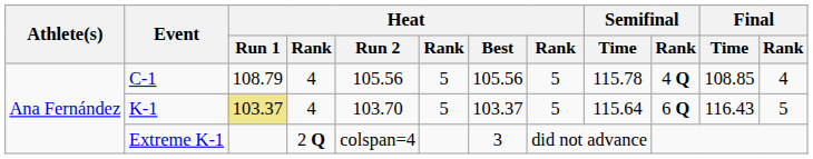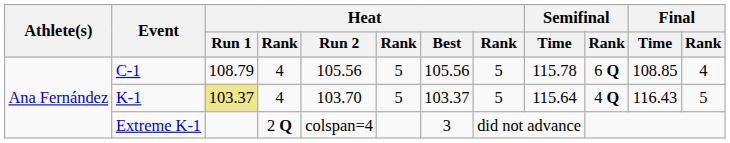 <table class="wikitable" style="font-size:90%">
 <tr>
 <th rowspan=2>Athlete(s)</th>
 <th rowspan=2>Event</th>
 <th colspan="6">Heat</th>
 <th colspan="2">Semifinal</th>
 <th colspan="2">Final</th>
 </tr>
 <tr style="font-size:95%">
 <th>Run 1</th>
 <th>Rank</th>
 <th>Run 2</th>
 <th>Rank</th>
 <th>Best</th>
 <th>Rank</th>
 <th>Time</th>
 <th>Rank</th>
 <th>Time</th>
 <th>Rank</th>
 </tr>
 <tr align=center>
 <td align=left rowspan="3"><a href='#'>Ana Fernández</a></td>
 <td align=left><a href='#'>C-1</a></td>
 <td>108.79</td>
 <td>4</td>
 <td>105.56</td>
 <td>5</td>
 <td>105.56</td>
 <td>5</td>
 <td>115.78</td>
-<td>4 <strong>Q</strong></td>
+<td>6 <strong>Q</strong></td>
 <td>108.85</td>
 <td>4</td>
 </tr>
 <tr align=center>
 <td align=left><a href='#'>K-1</a></td>
 <td style="background: khaki;">103.37</td>
 <td>4</td>
 <td>103.70</td>
 <td>5</td>
 <td>103.37</td>
 <td>5</td>
 <td>115.64</td>
-<td>6 <strong>Q</strong></td>
+<td>4 <strong>Q</strong></td>
 <td>116.43</td>
 <td>5</td>
 </tr>
 <tr align=center>
 <td align=left><a href='#'>Extreme K-1</a></td>
 <td></td>
 <td>2 <strong>Q</strong></td>
 <td>colspan=4 </td>
 <td></td>
 <td>3</td>
 <td colspan=2>did not advance</td>
 </tr>
 </table>
